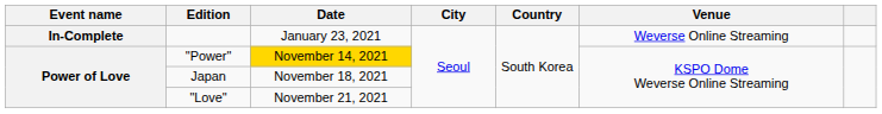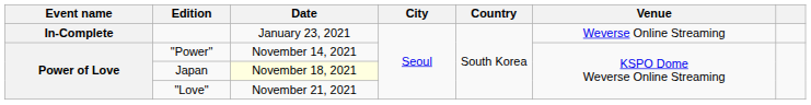 <table class="wikitable plainrowheaders" style="text-align:center;">
 <tr>
 <th scope="col" style="width:12em;">Event name</th>
 <th scope="col" style="width:6em;">Edition</th>
 <th scope="col" style="width:12em;">Date</th>
 <th scope="col" style="width:6em;">City</th>
 <th scope="col" style="width:6em;">Country</th>
 <th scope="col" style="width:20em;">Venue</th>
 <th scope="col" style="width:2em;"></th>
 </tr>
 <tr>
 <th scope="row">In-Complete</th>
 <td></td>
 <td>January 23, 2021</td>
 <td rowspan="4"><a href='#'>Seoul</a></td>
 <td rowspan="4">South Korea</td>
 <td><a href='#'>Weverse</a> Online Streaming</td>
 <td></td>
 </tr>
 <tr>
 <th scope="rowgroup" rowspan="3">Power of Love</th>
 <td>"Power"</td>
-<td style="background: gold;">November 14, 2021</td>
+<td>November 14, 2021</td>
 <td rowspan="3"><a href='#'>KSPO Dome</a><br>Weverse Online Streaming</td>
 <td rowspan="3"></td>
 </tr>
 <tr>
 <td>Japan</td>
-<td>November 18, 2021</td>
+<td style="background: lightyellow;">November 18, 2021</td>
 </tr>
 <tr>
 <td>"Love"</td>
 <td>November 21, 2021</td>
 </tr>
 </table>
